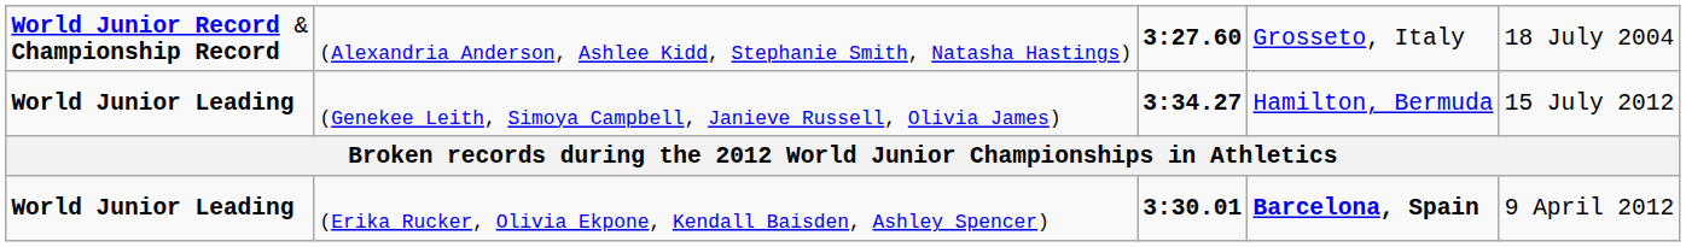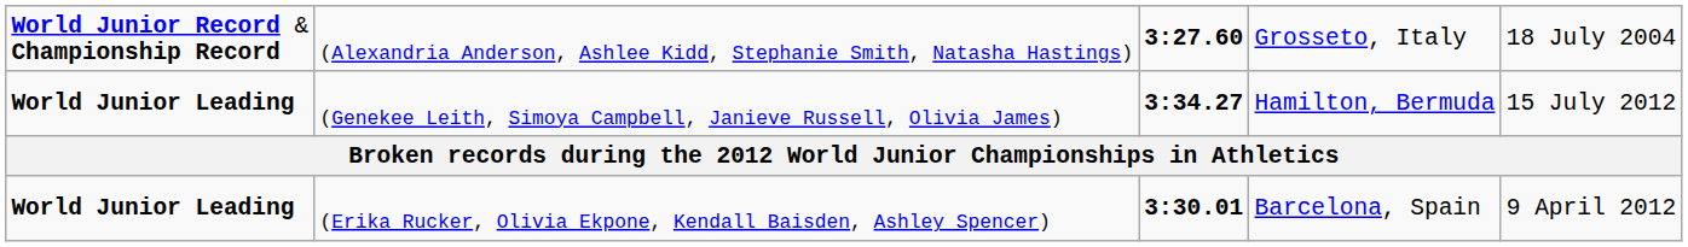 <table class="wikitable">
 <tr>
 <td><strong><a href='#'>World Junior Record</a></strong> &<br><strong>Championship Record</strong></td>
 <td><br><small>(<a href='#'>Alexandria Anderson</a>, <a href='#'>Ashlee Kidd</a>, <a href='#'>Stephanie Smith</a>, <a href='#'>Natasha Hastings</a>)</small></td>
 <td><strong>3:27.60</strong></td>
 <td><a href='#'>Grosseto</a>, Italy</td>
 <td>18 July 2004</td>
 </tr>
 <tr>
 <td><strong>World Junior Leading</strong></td>
 <td><br><small>(<a href='#'>Genekee Leith</a>, <a href='#'>Simoya Campbell</a>, <a href='#'>Janieve Russell</a>, <a href='#'>Olivia James</a>)</small></td>
 <td><strong>3:34.27</strong></td>
 <td><a href='#'>Hamilton, Bermuda</a></td>
 <td>15 July 2012</td>
 </tr>
 <tr>
 <th colspan="5">Broken records during the 2012 World Junior Championships in Athletics</th>
 </tr>
 <tr>
 <td><strong>World Junior Leading</strong></td>
 <td><br><small>(<a href='#'>Erika Rucker</a>, <a href='#'>Olivia Ekpone</a>, <a href='#'>Kendall Baisden</a>, <a href='#'>Ashley Spencer</a>)</small></td>
 <td><strong>3:30.01</strong></td>
-<td><strong><a href='#'>Barcelona</a>, Spain</strong></td>
+<td><a href='#'>Barcelona</a>, Spain</td>
 <td>9 April 2012</td>
 </tr>
 </table>
